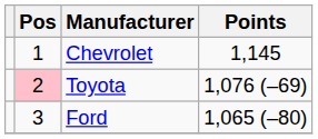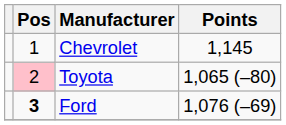 <table class="wikitable" style="font-size: 95%;">
 <tr>
 <th></th>
 <th>Pos</th>
 <th>Manufacturer</th>
 <th>Points</th>
 </tr>
 <tr>
 <td align="left"></td>
 <td style="text-align:center;">1</td>
 <td><a href='#'>Chevrolet</a></td>
 <td style="text-align:center;">1,145</td>
 </tr>
 <tr>
 <td align="left"></td>
 <td style="background: pink; text-align:center;">2</td>
 <td><a href='#'>Toyota</a></td>
-<td style="text-align:center;">1,076 (–69)</td>
+<td style="text-align:center;">1,065 (–80)</td>
 </tr>
 <tr>
 <td align="left"></td>
-<td style="text-align:center;">3</td>
+<td style="text-align:center;"><strong>3</strong></td>
 <td><a href='#'>Ford</a></td>
-<td style="text-align:center;">1,065 (–80)</td>
+<td style="text-align:center;">1,076 (–69)</td>
 </tr>
 <tr class="sortbottom">
 </tr>
 </table>
